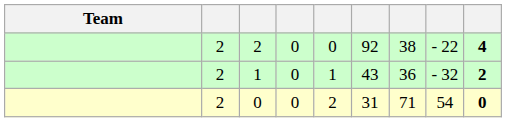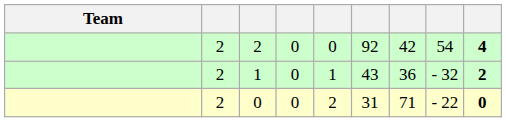 <table class="wikitable" style="text-align: center; font-size:90% ">
 <tr>
 <th width=160>Team</th>
 <th width=25></th>
 <th width=25></th>
 <th width=25></th>
 <th width=25></th>
 <th width=25></th>
 <th width=25></th>
 <th width=25></th>
 <th width=25></th>
 </tr>
 <tr bgcolor=ccffcc>
 <td align=left></td>
 <td>2</td>
 <td>2</td>
 <td>0</td>
 <td>0</td>
 <td>92</td>
-<td>38</td>
-<td>- 22</td>
+<td>42</td>
+<td>54</td>
 <td><strong>4</strong></td>
 </tr>
 <tr bgcolor=ccffcc>
 <td align=left></td>
 <td>2</td>
 <td>1</td>
 <td>0</td>
 <td>1</td>
 <td>43</td>
 <td>36</td>
 <td>- 32</td>
 <td><strong>2</strong></td>
 </tr>
 <tr bgcolor=ffffcc>
 <td align=left></td>
 <td>2</td>
 <td>0</td>
 <td>0</td>
 <td>2</td>
 <td>31</td>
 <td>71</td>
-<td>54</td>
+<td>- 22</td>
 <td><strong>0</strong></td>
 </tr>
 </table>
